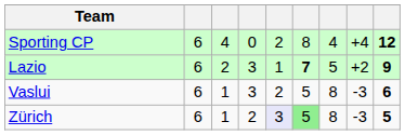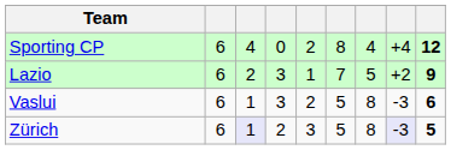 <table class="wikitable" style="text-align: center;">
 <tr>
 </tr>
 <tr>
 <th width=175>Team</th>
 <th width=20></th>
 <th width=20></th>
 <th width=20></th>
 <th width=20></th>
 <th width=20></th>
 <th width=20></th>
 <th width=20></th>
 <th width=20></th>
 </tr>
 <tr bgcolor="#ccffcc">
 <td align=left> <a href='#'>Sporting CP</a></td>
 <td>6</td>
 <td>4</td>
 <td>0</td>
 <td>2</td>
 <td>8</td>
 <td>4</td>
 <td>+4</td>
 <td><strong>12</strong></td>
 </tr>
 <tr bgcolor="#ccffcc">
 <td align=left> <a href='#'>Lazio</a></td>
 <td>6</td>
 <td>2</td>
 <td>3</td>
 <td>1</td>
-<td><strong>7</strong></td>
+<td>7</td>
 <td>5</td>
 <td>+2</td>
 <td><strong>9</strong></td>
 </tr>
 <tr bgcolor=>
 <td align=left> <a href='#'>Vaslui</a></td>
 <td>6</td>
 <td>1</td>
 <td>3</td>
 <td>2</td>
 <td>5</td>
 <td>8</td>
 <td>-3</td>
 <td><strong>6</strong></td>
 </tr>
 <tr>
 <td align=left> <a href='#'>Zürich</a></td>
 <td>6</td>
-<td>1</td>
+<td style="background: lavender;">1</td>
 <td>2</td>
-<td style="background: lavender;">3</td>
-<td style="background: lightgreen;">5</td>
+<td>3</td>
+<td>5</td>
 <td>8</td>
-<td>-3</td>
+<td style="background: lavender;">-3</td>
 <td><strong>5</strong></td>
 </tr>
 </table>
